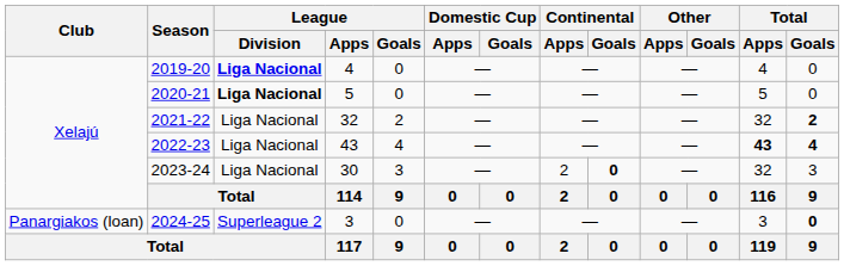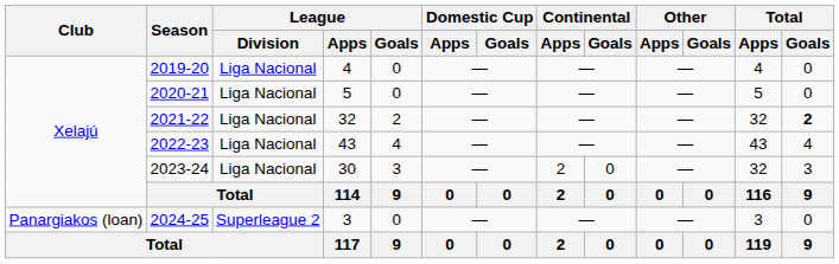 <table class=wikitable style=text-align:center>
 <tr>
 <th rowspan=2>Club</th>
 <th rowspan=2>Season</th>
 <th colspan=3>League</th>
 <th colspan=2>Domestic Cup</th>
 <th colspan=2>Continental</th>
 <th colspan=2>Other</th>
 <th colspan=2>Total</th>
 </tr>
 <tr>
 <th>Division</th>
 <th>Apps</th>
 <th>Goals</th>
 <th>Apps</th>
 <th>Goals</th>
 <th>Apps</th>
 <th>Goals</th>
 <th>Apps</th>
 <th>Goals</th>
 <th>Apps</th>
 <th>Goals</th>
 </tr>
 <tr>
 <td rowspan=6><a href='#'>Xelajú</a></td>
 <td><a href='#'>2019-20</a></td>
-<td><strong><a href='#'>Liga Nacional</a></strong></td>
+<td><a href='#'>Liga Nacional</a></td>
 <td>4</td>
 <td>0</td>
 <td colspan="2">—</td>
 <td colspan="2">—</td>
 <td colspan="2">—</td>
 <td>4</td>
 <td>0</td>
 </tr>
 <tr>
 <td><a href='#'>2020-21</a></td>
-<td><strong>Liga Nacional</strong></td>
+<td>Liga Nacional</td>
 <td>5</td>
 <td>0</td>
 <td colspan="2">—</td>
 <td colspan="2">—</td>
 <td colspan="2">—</td>
 <td>5</td>
 <td>0</td>
 </tr>
 <tr>
 <td><a href='#'>2021-22</a></td>
 <td>Liga Nacional</td>
 <td>32</td>
 <td>2</td>
 <td colspan="2">—</td>
 <td colspan="2">—</td>
 <td colspan="2">—</td>
 <td>32</td>
 <td><strong>2</strong></td>
 </tr>
 <tr>
 <td><a href='#'>2022-23</a></td>
 <td>Liga Nacional</td>
 <td>43</td>
 <td>4</td>
 <td colspan="2">—</td>
 <td colspan="2">—</td>
 <td colspan="2">—</td>
-<td><strong>43</strong></td>
-<td><strong>4</strong></td>
+<td>43</td>
+<td>4</td>
 </tr>
 <tr>
 <td>2023-24</td>
 <td>Liga Nacional</td>
 <td>30</td>
 <td>3</td>
 <td colspan="2">—</td>
 <td>2</td>
-<td><strong>0</strong></td>
+<td>0</td>
 <td colspan="2">—</td>
 <td>32</td>
 <td>3</td>
 </tr>
 <tr>
 <th colspan="2">Total</th>
 <th>114</th>
 <th>9</th>
 <th>0</th>
 <th>0</th>
 <th>2</th>
 <th>0</th>
 <th>0</th>
 <th>0</th>
 <th>116</th>
 <th>9</th>
 </tr>
 <tr>
 <td><a href='#'>Panargiakos</a> (loan)</td>
 <td><a href='#'>2024-25</a></td>
 <td><a href='#'>Superleague 2</a></td>
 <td>3</td>
 <td>0</td>
 <td colspan="2">—</td>
 <td colspan="2">—</td>
 <td colspan="2">—</td>
 <td>3</td>
-<td><strong>0</strong></td>
+<td>0</td>
 </tr>
 <tr>
 <th colspan="3">Total</th>
 <th>117</th>
 <th>9</th>
 <th>0</th>
 <th>0</th>
 <th>2</th>
 <th>0</th>
 <th>0</th>
 <th>0</th>
 <th>119</th>
 <th>9</th>
 </tr>
 </table>
